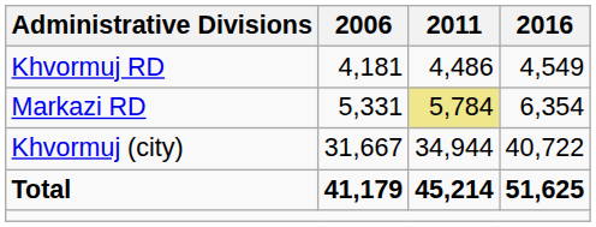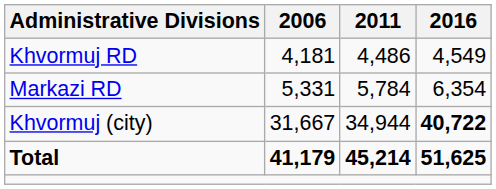 <table class="wikitable">
 <tr>
 <th>Administrative Divisions</th>
 <th>2006</th>
 <th>2011</th>
 <th>2016</th>
 </tr>
 <tr>
 <td><a href='#'>Khvormuj RD</a></td>
 <td style="text-align: right;">4,181</td>
 <td style="text-align: right;">4,486</td>
 <td style="text-align: right;">4,549</td>
 </tr>
 <tr>
 <td><a href='#'>Markazi RD</a></td>
 <td style="text-align: right;">5,331</td>
-<td style="background: khaki; text-align: right;">5,784</td>
+<td style="text-align: right;">5,784</td>
 <td style="text-align: right;">6,354</td>
 </tr>
 <tr>
 <td><a href='#'>Khvormuj</a> (city)</td>
 <td style="text-align: right;">31,667</td>
 <td style="text-align: right;">34,944</td>
-<td style="text-align: right;">40,722</td>
+<td style="text-align: right;"><strong>40,722</strong></td>
 </tr>
 <tr>
 <td><strong>Total</strong></td>
 <td style="text-align: right;"><strong>41,179</strong></td>
 <td style="text-align: right;"><strong>45,214</strong></td>
 <td style="text-align: right;"><strong>51,625</strong></td>
 </tr>
 <tr>
 <td colspan=4></td>
 </tr>
 </table>
